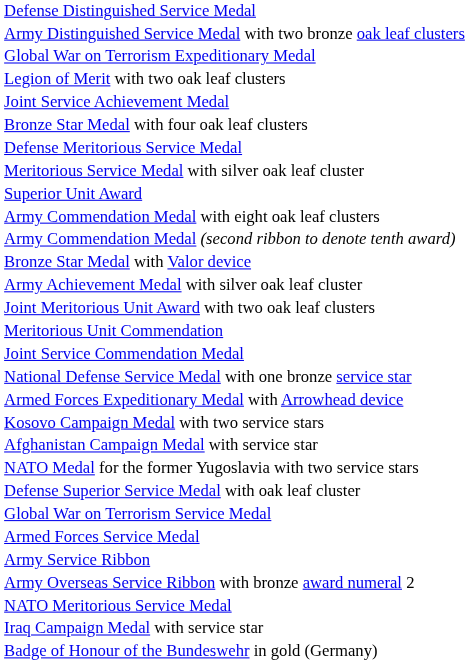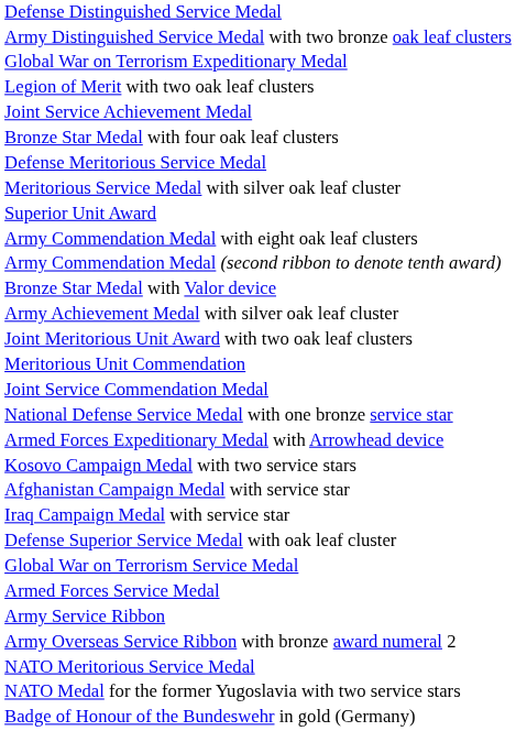 <table>
 <tr>
 <td> <a href='#'>Defense Distinguished Service Medal</a></td>
 </tr>
 <tr>
 <td><span></span><span></span> <a href='#'>Army Distinguished Service Medal</a> with two bronze <a href='#'>oak leaf clusters</a></td>
 </tr>
 <tr>
 <td> <a href='#'>Global War on Terrorism Expeditionary Medal</a></td>
 </tr>
 <tr>
 <td><span></span><span></span> <a href='#'>Legion of Merit</a> with two oak leaf clusters</td>
 </tr>
 <tr>
 <td> <a href='#'>Joint Service Achievement Medal</a></td>
 </tr>
 <tr>
 <td><span></span><span></span><span></span><span></span> <a href='#'>Bronze Star Medal</a> with four oak leaf clusters</td>
 </tr>
 <tr>
 <td> <a href='#'>Defense Meritorious Service Medal</a></td>
 </tr>
 <tr>
 <td> <a href='#'>Meritorious Service Medal</a> with silver oak leaf cluster</td>
 </tr>
 <tr>
 <td> <a href='#'>Superior Unit Award</a></td>
 </tr>
 <tr>
 <td><span></span><span></span><span></span><span></span> <a href='#'>Army Commendation Medal</a> with eight oak leaf clusters</td>
 </tr>
 <tr>
 <td> <a href='#'>Army Commendation Medal</a> <em>(second ribbon to denote tenth award)</em></td>
 </tr>
 <tr>
 <td> <a href='#'>Bronze Star Medal</a> with <a href='#'>Valor device</a></td>
 </tr>
 <tr>
 <td> <a href='#'>Army Achievement Medal</a> with silver oak leaf cluster</td>
 </tr>
 <tr>
 <td><span></span><span></span> <a href='#'>Joint Meritorious Unit Award</a> with two oak leaf clusters</td>
 </tr>
 <tr>
 <td> <a href='#'>Meritorious Unit Commendation</a></td>
 </tr>
 <tr>
 <td> <a href='#'>Joint Service Commendation Medal</a></td>
 </tr>
 <tr>
 <td> <a href='#'>National Defense Service Medal</a> with one bronze <a href='#'>service star</a></td>
 </tr>
 <tr>
 <td> <a href='#'>Armed Forces Expeditionary Medal</a> with <a href='#'>Arrowhead device</a></td>
 </tr>
 <tr>
 <td><span></span><span></span> <a href='#'>Kosovo Campaign Medal</a> with two service stars</td>
 </tr>
 <tr>
 <td> <a href='#'>Afghanistan Campaign Medal</a> with service star</td>
 </tr>
 <tr>
-<td><span></span><span></span> <a href='#'>NATO Medal</a> for the former Yugoslavia with two service stars</td>
+<td> <a href='#'>Iraq Campaign Medal</a> with service star</td>
 </tr>
 <tr>
 <td> <a href='#'>Defense Superior Service Medal</a> with oak leaf cluster</td>
 </tr>
 <tr>
 <td> <a href='#'>Global War on Terrorism Service Medal</a></td>
 </tr>
 <tr>
 <td> <a href='#'>Armed Forces Service Medal</a></td>
 </tr>
 <tr>
 <td> <a href='#'>Army Service Ribbon</a></td>
 </tr>
 <tr>
 <td><span></span> <a href='#'>Army Overseas Service Ribbon</a> with bronze <a href='#'>award numeral</a> 2</td>
 </tr>
 <tr>
 <td> <a href='#'>NATO Meritorious Service Medal</a></td>
 </tr>
 <tr>
-<td> <a href='#'>Iraq Campaign Medal</a> with service star</td>
+<td><span></span><span></span> <a href='#'>NATO Medal</a> for the former Yugoslavia with two service stars</td>
 </tr>
 <tr>
 <td> <a href='#'>Badge of Honour of the Bundeswehr</a> in gold (Germany)</td>
 </tr>
 </table>
